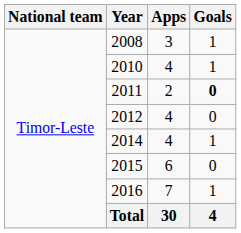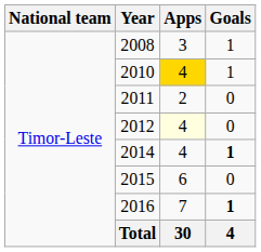 <table class="wikitable" style="text-align:center">
 <tr>
 <th>National team</th>
 <th>Year</th>
 <th>Apps</th>
 <th>Goals</th>
 </tr>
 <tr>
 <td rowspan=8><a href='#'>Timor-Leste</a></td>
 <td>2008</td>
 <td>3</td>
 <td>1</td>
 </tr>
 <tr>
 <td>2010</td>
-<td>4</td>
+<td style="background: gold;">4</td>
 <td>1</td>
 </tr>
 <tr>
 <td>2011</td>
 <td>2</td>
-<td><strong>0</strong></td>
+<td>0</td>
 </tr>
 <tr>
 <td>2012</td>
-<td>4</td>
+<td style="background: lightyellow;">4</td>
 <td>0</td>
 </tr>
 <tr>
 <td>2014</td>
 <td>4</td>
-<td>1</td>
+<td><strong>1</strong></td>
 </tr>
 <tr>
 <td>2015</td>
 <td>6</td>
 <td>0</td>
 </tr>
 <tr>
 <td>2016</td>
 <td>7</td>
-<td>1</td>
+<td><strong>1</strong></td>
 </tr>
 <tr>
 <th colspan=1>Total</th>
 <th>30</th>
 <th>4</th>
 </tr>
 </table>
